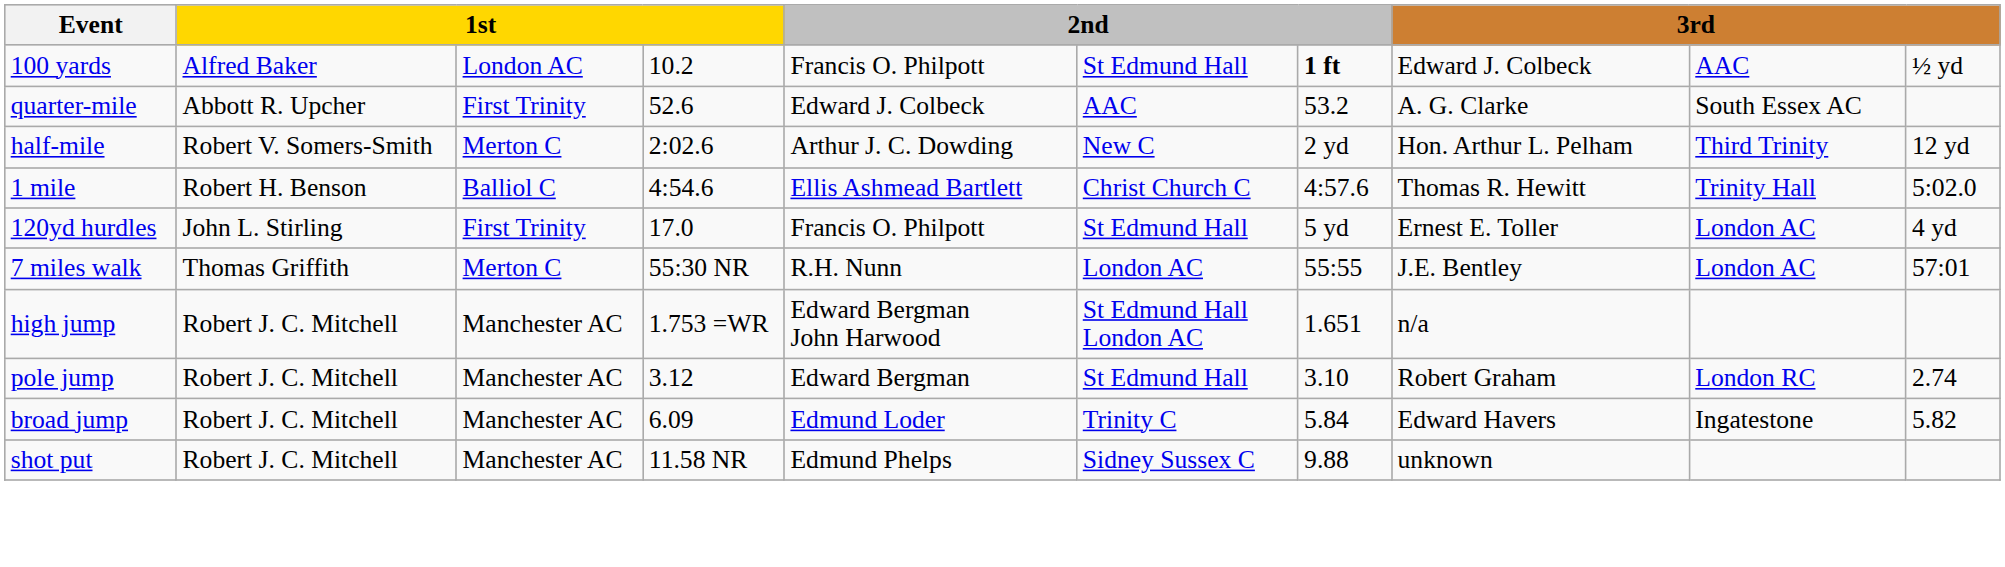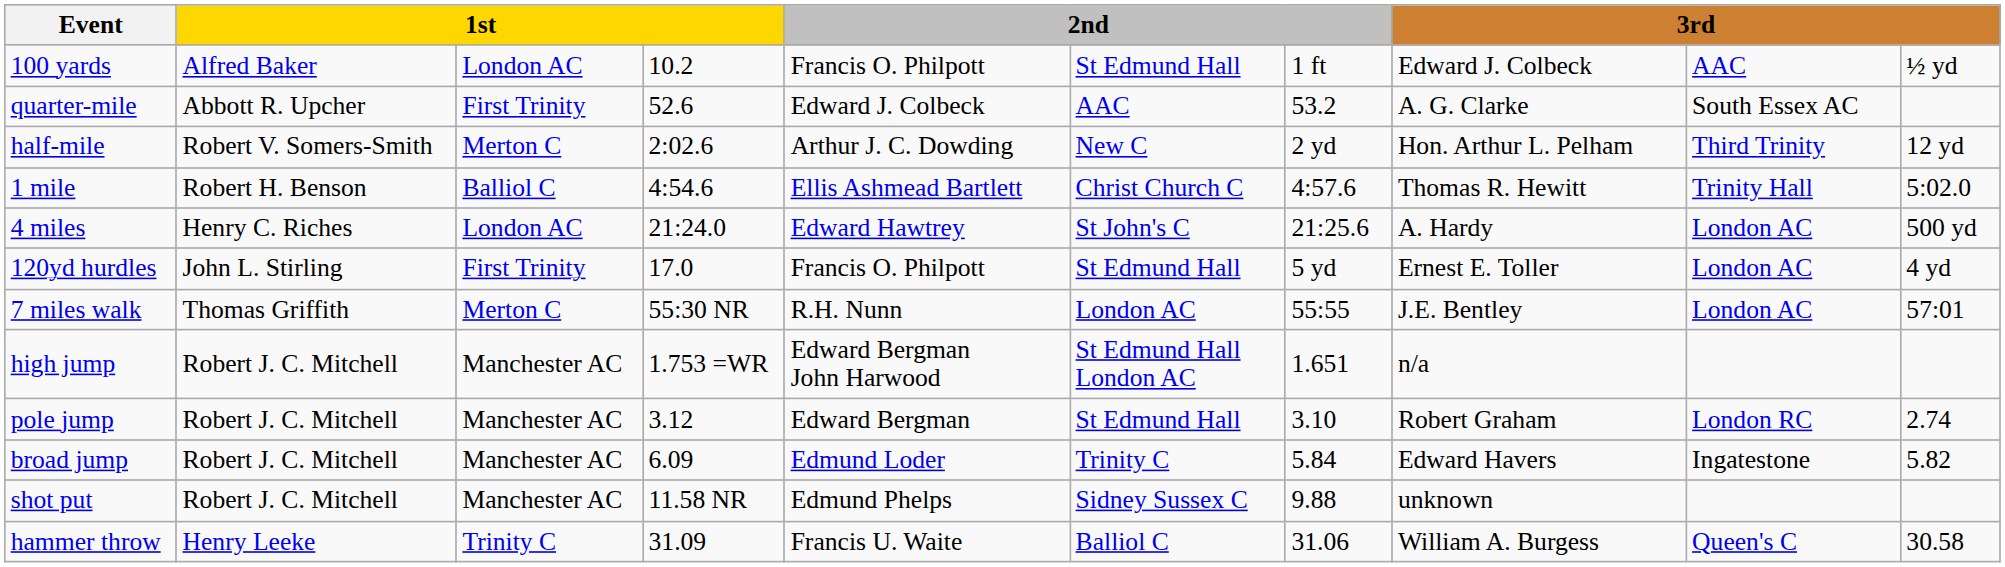 <table class="wikitable" style="text-align:left">
 <tr>
 <th width=100>Event</th>
 <th colspan="3" width="380" style="background:gold;">1st</th>
 <th colspan="3" width="380" style="background:silver;">2nd</th>
 <th colspan="3" width="380" style="background:#CD7F32;">3rd</th>
 </tr>
 <tr>
 <td><a href='#'>100 yards</a></td>
 <td><a href='#'>Alfred Baker</a></td>
 <td><a href='#'>London AC</a></td>
 <td>10.2</td>
 <td>Francis O. Philpott</td>
 <td><a href='#'>St Edmund Hall</a></td>
-<td><strong>1 ft</strong></td>
+<td>1 ft</td>
 <td>Edward J. Colbeck</td>
 <td><a href='#'>AAC</a></td>
 <td>½ yd</td>
 </tr>
 <tr>
 <td><a href='#'>quarter-mile</a></td>
 <td>Abbott R. Upcher</td>
 <td><a href='#'>First Trinity</a></td>
 <td>52.6</td>
 <td>Edward J. Colbeck</td>
 <td><a href='#'>AAC</a></td>
 <td>53.2</td>
 <td>A. G. Clarke</td>
 <td>South Essex AC</td>
 <td></td>
 </tr>
 <tr>
 <td><a href='#'>half-mile</a></td>
 <td>Robert V. Somers-Smith</td>
 <td><a href='#'>Merton C</a></td>
 <td>2:02.6</td>
 <td>Arthur J. C. Dowding</td>
 <td><a href='#'>New C</a></td>
 <td>2 yd</td>
 <td>Hon. Arthur L. Pelham</td>
 <td><a href='#'>Third Trinity</a></td>
 <td>12 yd</td>
 </tr>
 <tr>
 <td><a href='#'>1 mile</a></td>
 <td>Robert H. Benson</td>
 <td><a href='#'>Balliol C</a></td>
 <td>4:54.6</td>
 <td><a href='#'>Ellis Ashmead Bartlett</a></td>
 <td><a href='#'>Christ Church C</a></td>
 <td>4:57.6</td>
 <td>Thomas R. Hewitt</td>
 <td><a href='#'>Trinity Hall</a></td>
 <td>5:02.0</td>
+</tr>
+<tr>
+<td><a href='#'>4 miles</a></td>
+<td>Henry C. Riches</td>
+<td><a href='#'>London AC</a></td>
+<td>21:24.0</td>
+<td><a href='#'>Edward Hawtrey</a></td>
+<td><a href='#'>St John's C</a></td>
+<td>21:25.6</td>
+<td>A. Hardy</td>
+<td><a href='#'>London AC</a></td>
+<td>500 yd</td>
 </tr>
 <tr>
 <td><a href='#'>120yd hurdles</a></td>
 <td>John L. Stirling</td>
 <td><a href='#'>First Trinity</a></td>
 <td>17.0</td>
 <td>Francis O. Philpott</td>
 <td><a href='#'>St Edmund Hall</a></td>
 <td>5 yd</td>
 <td>Ernest E. Toller</td>
 <td><a href='#'>London AC</a></td>
 <td>4 yd</td>
 </tr>
 <tr>
 <td><a href='#'>7 miles walk</a></td>
 <td>Thomas Griffith</td>
 <td><a href='#'>Merton C</a></td>
 <td>55:30 NR</td>
 <td>R.H. Nunn</td>
 <td><a href='#'>London AC</a></td>
 <td>55:55</td>
 <td>J.E. Bentley</td>
 <td><a href='#'>London AC</a></td>
 <td>57:01</td>
 </tr>
 <tr>
 <td><a href='#'>high jump</a></td>
 <td>Robert J. C. Mitchell</td>
 <td>Manchester AC</td>
 <td>1.753 =WR</td>
 <td>Edward Bergman <br>John Harwood</td>
 <td><a href='#'>St Edmund Hall</a><br><a href='#'>London AC</a></td>
 <td>1.651</td>
 <td>n/a</td>
 <td></td>
 <td></td>
 </tr>
 <tr>
 <td><a href='#'>pole jump</a></td>
 <td>Robert J. C. Mitchell</td>
 <td>Manchester AC</td>
 <td>3.12</td>
 <td>Edward Bergman</td>
 <td><a href='#'>St Edmund Hall</a></td>
 <td>3.10</td>
 <td>Robert Graham</td>
 <td><a href='#'>London RC</a></td>
 <td>2.74</td>
 </tr>
 <tr>
 <td><a href='#'>broad jump</a></td>
 <td>Robert J. C. Mitchell</td>
 <td>Manchester AC</td>
 <td>6.09</td>
 <td><a href='#'>Edmund Loder</a></td>
 <td><a href='#'>Trinity C</a></td>
 <td>5.84</td>
 <td>Edward Havers</td>
 <td>Ingatestone</td>
 <td>5.82</td>
 </tr>
 <tr>
 <td><a href='#'>shot put</a></td>
 <td>Robert J. C. Mitchell</td>
 <td>Manchester AC</td>
 <td>11.58 NR</td>
 <td>Edmund Phelps</td>
 <td><a href='#'>Sidney Sussex C</a></td>
 <td>9.88</td>
 <td>unknown</td>
 <td></td>
 <td></td>
 </tr>
+<tr>
+<td><a href='#'>hammer throw</a></td>
+<td><a href='#'>Henry Leeke</a></td>
+<td><a href='#'>Trinity C</a></td>
+<td>31.09</td>
+<td>Francis U. Waite</td>
+<td><a href='#'>Balliol C</a></td>
+<td>31.06</td>
+<td>William A. Burgess</td>
+<td><a href='#'>Queen's C</a></td>
+<td>30.58</td>
+</tr>
 </table>
